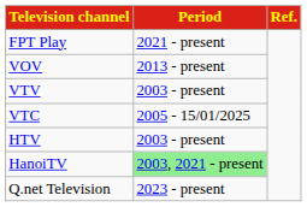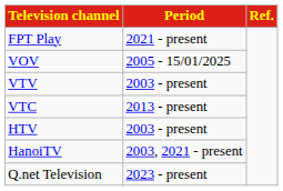 <table class="wikitable" style="text-align: left">
 <tr>
 <th style="background-color:#DB2017; color:#FFFF00">Television channel</th>
 <th style="background-color:#DB2017; color:#FFFF00">Period</th>
 <th style="background-color:#DB2017; color:#FFFF00">Ref.</th>
 </tr>
 <tr>
 <td><a href='#'>FPT Play</a></td>
 <td><a href='#'>2021</a> - present</td>
 </tr>
 <tr>
 <td><a href='#'>VOV</a></td>
-<td><a href='#'>2013</a> - present</td>
+<td><a href='#'>2005</a> - 15/01/2025</td>
 </tr>
 <tr>
 <td><a href='#'>VTV</a></td>
 <td><a href='#'>2003</a> - present</td>
 </tr>
 <tr>
 <td><a href='#'>VTC</a></td>
-<td><a href='#'>2005</a> - 15/01/2025</td>
+<td><a href='#'>2013</a> - present</td>
 </tr>
 <tr>
 <td><a href='#'>HTV</a></td>
 <td><a href='#'>2003</a> - present</td>
 </tr>
 <tr>
 <td><a href='#'>HanoiTV</a></td>
-<td style="background: lightgreen;"><a href='#'>2003</a>, <a href='#'>2021</a> - present</td>
+<td><a href='#'>2003</a>, <a href='#'>2021</a> - present</td>
 </tr>
 <tr>
 <td>Q.net Television</td>
 <td><a href='#'>2023</a> - present</td>
 </tr>
 </table>
